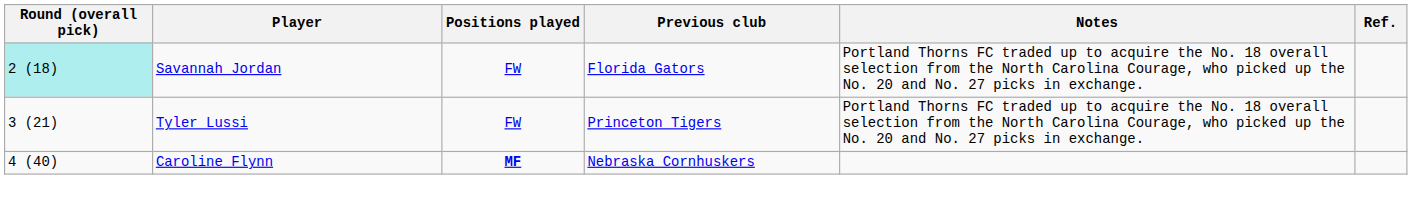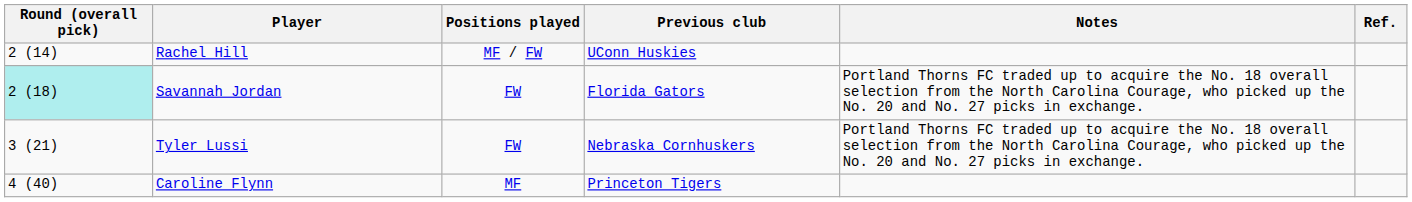 <table class="wikitable" style="text-align:left; font-size:95%;">
 <tr>
 <th style="width:125px;">Round (overall pick)</th>
 <th style="width:250px;">Player</th>
 <th style="width:120px;">Positions played</th>
 <th style="width:220px;">Previous club</th>
 <th style="width:450px;">Notes</th>
 <th style="width:40px;">Ref.</th>
+</tr>
+<tr>
+<td>2 (14)</td>
+<td><a href='#'>Rachel Hill</a></td>
+<td style="text-align:center;"><a href='#'>MF</a> / <a href='#'>FW</a></td>
+<td> <a href='#'>UConn Huskies</a></td>
+<td></td>
+<td></td>
 </tr>
 <tr>
 <td style="background: paleturquoise;">2 (18)</td>
 <td><a href='#'>Savannah Jordan</a></td>
 <td style="text-align:center;"><a href='#'>FW</a></td>
 <td> <a href='#'>Florida Gators</a></td>
 <td>Portland Thorns FC traded up to acquire the No. 18 overall selection from the North Carolina Courage, who picked up the No. 20 and No. 27 picks in exchange.</td>
 <td></td>
 </tr>
 <tr>
 <td>3 (21)</td>
 <td><a href='#'>Tyler Lussi</a></td>
 <td style="text-align:center;"><a href='#'>FW</a></td>
-<td> <a href='#'>Princeton Tigers</a></td>
+<td> <a href='#'>Nebraska Cornhuskers</a></td>
 <td>Portland Thorns FC traded up to acquire the No. 18 overall selection from the North Carolina Courage, who picked up the No. 20 and No. 27 picks in exchange.</td>
 <td></td>
 </tr>
 <tr>
 <td>4 (40)</td>
 <td><a href='#'>Caroline Flynn</a></td>
-<td style="text-align:center;"><strong><a href='#'>MF</a></strong></td>
-<td> <a href='#'>Nebraska Cornhuskers</a></td>
+<td style="text-align:center;"><a href='#'>MF</a></td>
+<td> <a href='#'>Princeton Tigers</a></td>
 <td></td>
 <td></td>
 </tr>
 </table>
